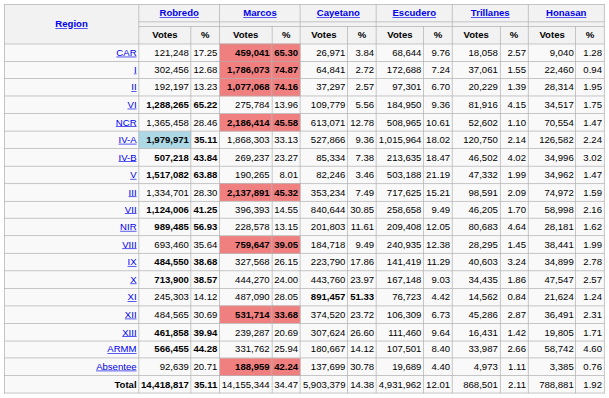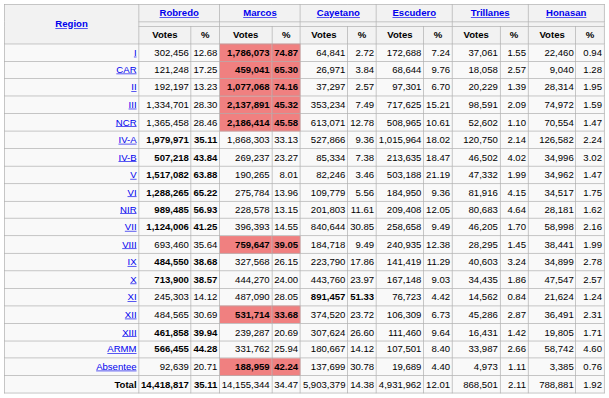 <table class="wikitable collapsible collapsed" style="text-align:right; font-size:92%; line-height:20px;">
 <tr>
 <th width="200" rowspan="3"><a href='#'>Region</a></th>
 <th width="110" colspan="2"><a href='#'>Robredo</a></th>
 <th width="110" colspan="2"><a href='#'>Marcos</a></th>
 <th width="110" colspan="2"><a href='#'>Cayetano</a></th>
 <th width="110" colspan="2"><a href='#'>Escudero</a></th>
 <th width="110" colspan="2"><a href='#'>Trillanes</a></th>
 <th width="110" colspan="2"><a href='#'>Honasan</a></th>
 </tr>
 <tr>
 <th colspan="2" style="background:"></th>
 <th colspan="2" style="background:"></th>
 <th colspan="2" style="background:"></th>
 <th colspan="2" style="background:"></th>
 <th colspan="2" style="background:"></th>
 <th colspan="2" style="background:"></th>
 </tr>
 <tr>
 <th>Votes</th>
 <th>%</th>
 <th>Votes</th>
 <th>%</th>
 <th>Votes</th>
 <th>%</th>
 <th>Votes</th>
 <th>%</th>
 <th>Votes</th>
 <th>%</th>
 <th>Votes</th>
 <th>%</th>
 </tr>
 <tr>
+<td><a href='#'>I</a></td>
+<td>302,456</td>
+<td>12.68</td>
+<td style="background:#F08080;"><strong>1,786,073</strong></td>
+<td style="background:#F08080;"><strong>74.87</strong></td>
+<td>64,841</td>
+<td>2.72</td>
+<td>172,688</td>
+<td>7.24</td>
+<td>37,061</td>
+<td>1.55</td>
+<td>22,460</td>
+<td>0.94</td>
+</tr>
+<tr>
 <td><a href='#'>CAR</a></td>
 <td>121,248</td>
 <td>17.25</td>
 <td style="background:#F08080;"><strong>459,041</strong></td>
 <td style="background:#F08080;"><strong>65.30</strong></td>
 <td>26,971</td>
 <td>3.84</td>
 <td>68,644</td>
 <td>9.76</td>
 <td>18,058</td>
 <td>2.57</td>
 <td>9,040</td>
 <td>1.28</td>
-</tr>
-<tr>
-<td><a href='#'>I</a></td>
-<td>302,456</td>
-<td>12.68</td>
-<td style="background:#F08080;"><strong>1,786,073</strong></td>
-<td style="background:#F08080;"><strong>74.87</strong></td>
-<td>64,841</td>
-<td>2.72</td>
-<td>172,688</td>
-<td>7.24</td>
-<td>37,061</td>
-<td>1.55</td>
-<td>22,460</td>
-<td>0.94</td>
 </tr>
 <tr>
 <td><a href='#'>II</a></td>
 <td>192,197</td>
 <td>13.23</td>
 <td style="background:#F08080;"><strong>1,077,068</strong></td>
 <td style="background:#F08080;"><strong>74.16</strong></td>
 <td>37,297</td>
 <td>2.57</td>
 <td>97,301</td>
 <td>6.70</td>
 <td>20,229</td>
 <td>1.39</td>
 <td>28,314</td>
 <td>1.95</td>
 </tr>
 <tr>
-<td><a href='#'>VI</a></td>
-<td> <strong>1,288,265</strong></td>
-<td> <strong>65.22</strong></td>
-<td>275,784</td>
-<td>13.96</td>
-<td>109,779</td>
-<td>5.56</td>
-<td>184,950</td>
-<td>9.36</td>
-<td>81,916</td>
-<td>4.15</td>
-<td>34,517</td>
-<td>1.75</td>
+<td><a href='#'>III</a></td>
+<td>1,334,701</td>
+<td>28.30</td>
+<td style="background:#F08080;"><strong>2,137,891</strong></td>
+<td style="background:#F08080;"><strong>45.32</strong></td>
+<td>353,234</td>
+<td>7.49</td>
+<td>717,625</td>
+<td>15.21</td>
+<td>98,591</td>
+<td>2.09</td>
+<td>74,972</td>
+<td>1.59</td>
 </tr>
 <tr>
 <td><a href='#'>NCR</a></td>
 <td>1,365,458</td>
 <td>28.46</td>
 <td style="background:#F08080;"><strong>2,186,414</strong></td>
 <td style="background:#F08080;"><strong>45.58</strong></td>
 <td>613,071</td>
 <td>12.78</td>
 <td>508,965</td>
 <td>10.61</td>
 <td>52,602</td>
 <td>1.10</td>
 <td>70,554</td>
 <td>1.47</td>
 </tr>
 <tr>
 <td><a href='#'>IV-A</a></td>
-<td style="background: lightblue;"> <strong>1,979,971</strong></td>
+<td> <strong>1,979,971</strong></td>
 <td> <strong>35.11</strong></td>
 <td>1,868,303</td>
 <td>33.13</td>
 <td>527,866</td>
 <td>9.36</td>
 <td>1,015,964</td>
 <td>18.02</td>
 <td>120,750</td>
 <td>2.14</td>
 <td>126,582</td>
 <td>2.24</td>
 </tr>
 <tr>
 <td><a href='#'>IV-B</a></td>
 <td> <strong>507,218</strong></td>
 <td> <strong>43.84</strong></td>
 <td>269,237</td>
 <td>23.27</td>
 <td>85,334</td>
 <td>7.38</td>
 <td>213,635</td>
 <td>18.47</td>
 <td>46,502</td>
 <td>4.02</td>
 <td>34,996</td>
 <td>3.02</td>
 </tr>
 <tr>
 <td><a href='#'>V</a></td>
 <td> <strong>1,517,082</strong></td>
 <td> <strong>63.88</strong></td>
 <td>190,265</td>
 <td>8.01</td>
 <td>82,246</td>
 <td>3.46</td>
 <td>503,188</td>
 <td>21.19</td>
 <td>47,332</td>
 <td>1.99</td>
 <td>34,962</td>
 <td>1.47</td>
 </tr>
 <tr>
-<td><a href='#'>III</a></td>
-<td>1,334,701</td>
-<td>28.30</td>
-<td style="background:#F08080;"><strong>2,137,891</strong></td>
-<td style="background:#F08080;"><strong>45.32</strong></td>
-<td>353,234</td>
-<td>7.49</td>
-<td>717,625</td>
-<td>15.21</td>
-<td>98,591</td>
-<td>2.09</td>
-<td>74,972</td>
-<td>1.59</td>
+<td><a href='#'>VI</a></td>
+<td> <strong>1,288,265</strong></td>
+<td> <strong>65.22</strong></td>
+<td>275,784</td>
+<td>13.96</td>
+<td>109,779</td>
+<td>5.56</td>
+<td>184,950</td>
+<td>9.36</td>
+<td>81,916</td>
+<td>4.15</td>
+<td>34,517</td>
+<td>1.75</td>
+</tr>
+<tr>
+<td><a href='#'>NIR</a></td>
+<td> <strong>989,485</strong></td>
+<td> <strong>56.93</strong></td>
+<td>228,578</td>
+<td>13.15</td>
+<td>201,803</td>
+<td>11.61</td>
+<td>209,408</td>
+<td>12.05</td>
+<td>80,683</td>
+<td>4.64</td>
+<td>28,181</td>
+<td>1.62</td>
 </tr>
 <tr>
 <td><a href='#'>VII</a></td>
 <td> <strong>1,124,006</strong></td>
 <td> <strong>41.25</strong></td>
 <td>396,393</td>
 <td>14.55</td>
 <td>840,644</td>
 <td>30.85</td>
 <td>258,658</td>
 <td>9.49</td>
 <td>46,205</td>
 <td>1.70</td>
 <td>58,998</td>
 <td>2.16</td>
-</tr>
-<tr>
-<td><a href='#'>NIR</a></td>
-<td> <strong>989,485</strong></td>
-<td> <strong>56.93</strong></td>
-<td>228,578</td>
-<td>13.15</td>
-<td>201,803</td>
-<td>11.61</td>
-<td>209,408</td>
-<td>12.05</td>
-<td>80,683</td>
-<td>4.64</td>
-<td>28,181</td>
-<td>1.62</td>
 </tr>
 <tr>
 <td><a href='#'>VIII</a></td>
 <td>693,460</td>
 <td>35.64</td>
 <td style="background:#F08080;"><strong>759,647</strong></td>
 <td style="background:#F08080;"><strong>39.05</strong></td>
 <td>184,718</td>
 <td>9.49</td>
 <td>240,935</td>
 <td>12.38</td>
 <td>28,295</td>
 <td>1.45</td>
 <td>38,441</td>
 <td>1.99</td>
 </tr>
 <tr>
 <td><a href='#'>IX</a></td>
 <td> <strong>484,550</strong></td>
 <td> <strong>38.68</strong></td>
 <td>327,568</td>
 <td>26.15</td>
 <td>223,790</td>
 <td>17.86</td>
 <td>141,419</td>
 <td>11.29</td>
 <td>40,603</td>
 <td>3.24</td>
 <td>34,899</td>
 <td>2.78</td>
 </tr>
 <tr>
 <td><a href='#'>X</a></td>
 <td> <strong>713,900</strong></td>
 <td> <strong>38.57</strong></td>
 <td>444,270</td>
 <td>24.00</td>
 <td>443,760</td>
 <td>23.97</td>
 <td>167,148</td>
 <td>9.03</td>
 <td>34,435</td>
 <td>1.86</td>
 <td>47,547</td>
 <td>2.57</td>
 </tr>
 <tr>
 <td><a href='#'>XI</a></td>
 <td>245,303</td>
 <td>14.12</td>
 <td>487,090</td>
 <td>28.05</td>
 <td> <strong>891,457</strong></td>
 <td> <strong>51.33</strong></td>
 <td>76,723</td>
 <td>4.42</td>
 <td>14,562</td>
 <td>0.84</td>
 <td>21,624</td>
 <td>1.24</td>
 </tr>
 <tr>
 <td><a href='#'>XII</a></td>
 <td>484,565</td>
 <td>30.69</td>
 <td style="background:#F08080;"><strong>531,714</strong></td>
 <td style="background:#F08080;"><strong>33.68</strong></td>
 <td>374,520</td>
 <td>23.72</td>
 <td>106,309</td>
 <td>6.73</td>
 <td>45,286</td>
 <td>2.87</td>
 <td>36,491</td>
 <td>2.31</td>
 </tr>
 <tr>
 <td><a href='#'>XIII</a></td>
 <td> <strong>461,858</strong></td>
 <td> <strong>39.94</strong></td>
 <td>239,287</td>
 <td>20.69</td>
 <td>307,624</td>
 <td>26.60</td>
 <td>111,460</td>
 <td>9.64</td>
 <td>16,431</td>
 <td>1.42</td>
 <td>19,805</td>
 <td>1.71</td>
 </tr>
 <tr>
 <td><a href='#'>ARMM</a></td>
 <td> <strong>566,455</strong></td>
 <td> <strong>44.28</strong></td>
 <td>331,762</td>
 <td>25.94</td>
 <td>180,667</td>
 <td>14.12</td>
 <td>107,501</td>
 <td>8.40</td>
 <td>33,987</td>
 <td>2.66</td>
 <td>58,742</td>
 <td>4.60</td>
 </tr>
 <tr>
 <td><a href='#'>Absentee</a></td>
 <td>92,639</td>
 <td>20.71</td>
 <td style="background:#F08080;"><strong>188,959</strong></td>
 <td style="background:#F08080;"><strong>42.24</strong></td>
 <td>137,699</td>
 <td>30.78</td>
 <td>19,689</td>
 <td>4.40</td>
 <td>4,973</td>
 <td>1.11</td>
 <td>3,385</td>
 <td>0.76</td>
 </tr>
 <tr>
 <td><strong>Total</strong></td>
 <td> <strong>14,418,817</strong></td>
 <td> <strong>35.11</strong></td>
 <td>14,155,344</td>
 <td>34.47</td>
 <td>5,903,379</td>
 <td>14.38</td>
 <td>4,931,962</td>
 <td>12.01</td>
 <td>868,501</td>
 <td>2.11</td>
 <td>788,881</td>
 <td>1.92</td>
 </tr>
 </table>
